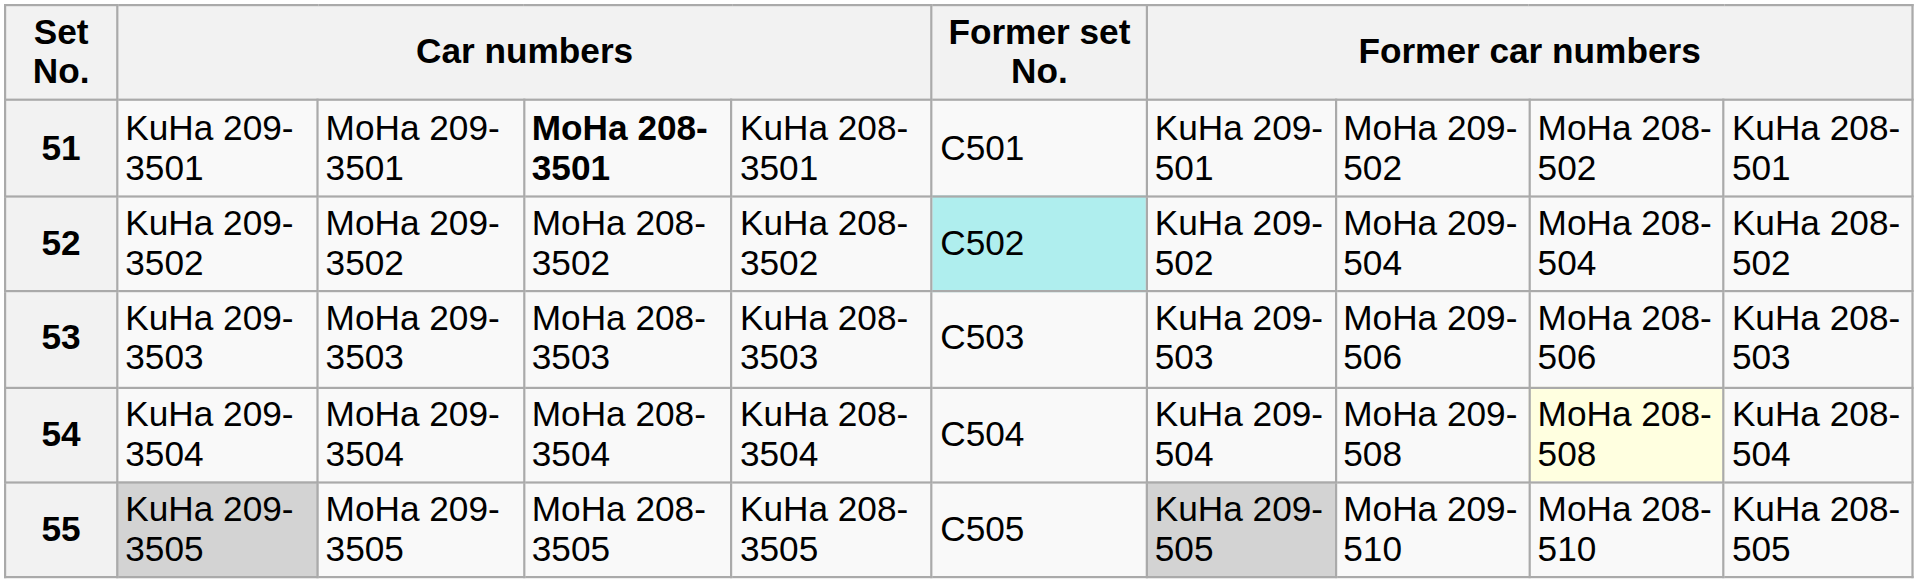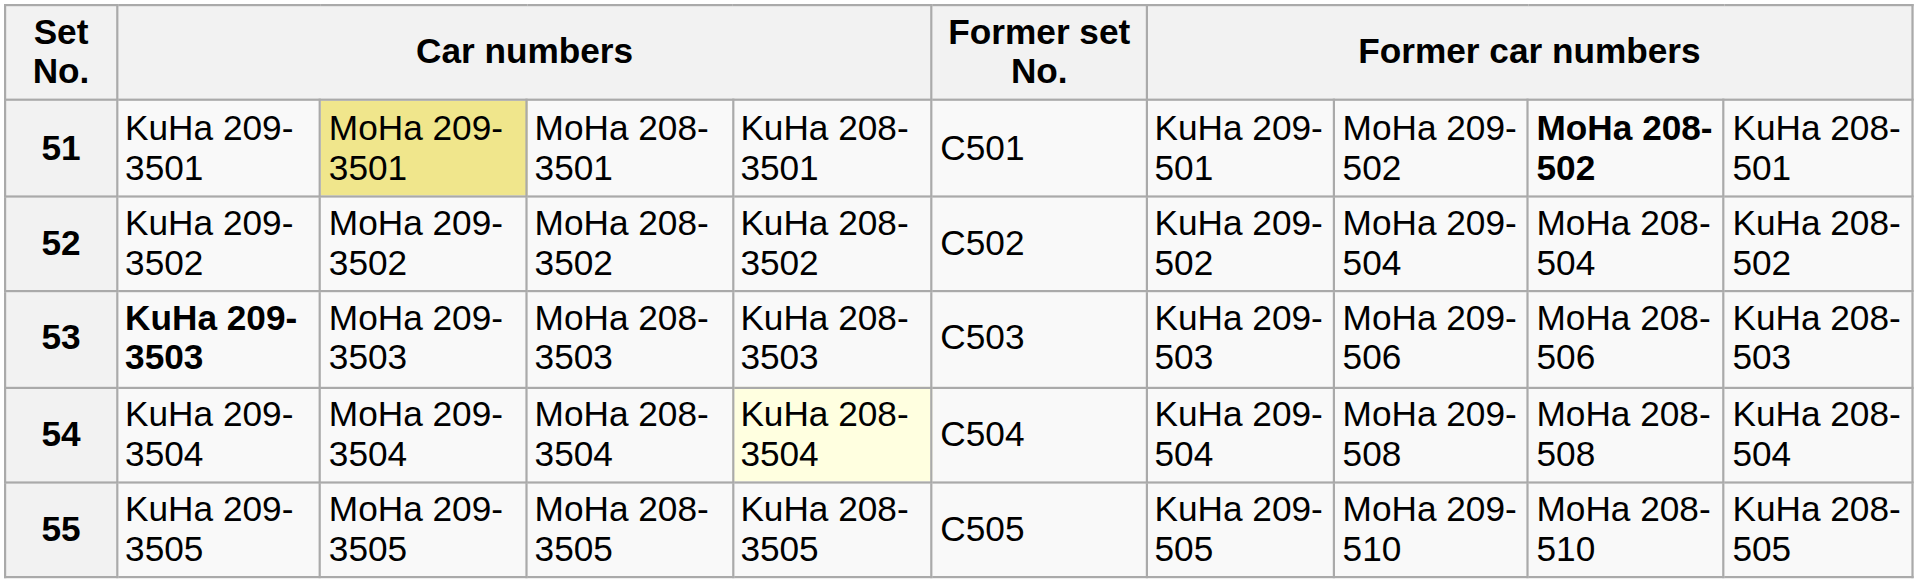 <table class="wikitable">
 <tr>
 <th>Set No.</th>
 <th colspan=4>Car numbers</th>
 <th>Former set No.</th>
 <th colspan=4>Former car numbers</th>
 </tr>
 <tr>
 <th>51</th>
 <td>KuHa 209-3501</td>
-<td>MoHa 209-3501</td>
-<td><strong>MoHa 208-3501</strong></td>
+<td style="background: khaki;">MoHa 209-3501</td>
+<td>MoHa 208-3501</td>
 <td>KuHa 208-3501</td>
 <td>C501</td>
 <td>KuHa 209-501</td>
 <td>MoHa 209-502</td>
-<td>MoHa 208-502</td>
+<td><strong>MoHa 208-502</strong></td>
 <td>KuHa 208-501</td>
 </tr>
 <tr>
 <th>52</th>
 <td>KuHa 209-3502</td>
 <td>MoHa 209-3502</td>
 <td>MoHa 208-3502</td>
 <td>KuHa 208-3502</td>
-<td style="background: paleturquoise;">C502</td>
+<td>C502</td>
 <td>KuHa 209-502</td>
 <td>MoHa 209-504</td>
 <td>MoHa 208-504</td>
 <td>KuHa 208-502</td>
 </tr>
 <tr>
 <th>53</th>
-<td>KuHa 209-3503</td>
+<td><strong>KuHa 209-3503</strong></td>
 <td>MoHa 209-3503</td>
 <td>MoHa 208-3503</td>
 <td>KuHa 208-3503</td>
 <td>C503</td>
 <td>KuHa 209-503</td>
 <td>MoHa 209-506</td>
 <td>MoHa 208-506</td>
 <td>KuHa 208-503</td>
 </tr>
 <tr>
 <th>54</th>
 <td>KuHa 209-3504</td>
 <td>MoHa 209-3504</td>
 <td>MoHa 208-3504</td>
-<td>KuHa 208-3504</td>
+<td style="background: lightyellow;">KuHa 208-3504</td>
 <td>C504</td>
 <td>KuHa 209-504</td>
 <td>MoHa 209-508</td>
-<td style="background: lightyellow;">MoHa 208-508</td>
+<td>MoHa 208-508</td>
 <td>KuHa 208-504</td>
 </tr>
 <tr>
 <th>55</th>
-<td style="background: lightgrey;">KuHa 209-3505</td>
+<td>KuHa 209-3505</td>
 <td>MoHa 209-3505</td>
 <td>MoHa 208-3505</td>
 <td>KuHa 208-3505</td>
 <td>C505</td>
-<td style="background: lightgrey;">KuHa 209-505</td>
+<td>KuHa 209-505</td>
 <td>MoHa 209-510</td>
 <td>MoHa 208-510</td>
 <td>KuHa 208-505</td>
 </tr>
 </table>
